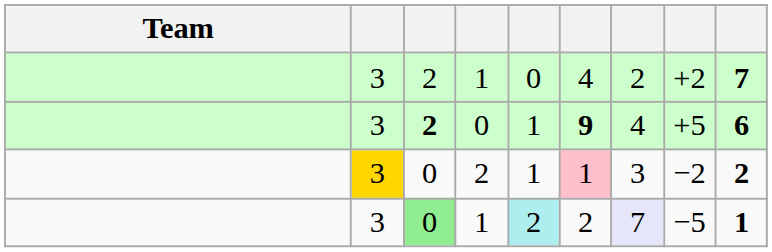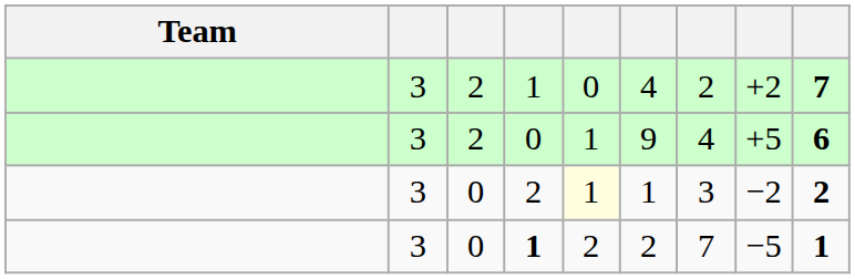 <table class="wikitable" style="text-align:center;">
 <tr>
 <th width="175">Team</th>
 <th width="20"></th>
 <th width="20"></th>
 <th width="20"></th>
 <th width="20"></th>
 <th width="20"></th>
 <th width="20"></th>
 <th width="20"></th>
 <th width="20"></th>
 </tr>
 <tr bgcolor="#ccffcc">
 <td align=left></td>
 <td>3</td>
 <td>2</td>
 <td>1</td>
 <td>0</td>
 <td>4</td>
 <td>2</td>
 <td>+2</td>
 <td><strong>7</strong></td>
 </tr>
 <tr bgcolor="#ccffcc">
 <td align=left></td>
 <td>3</td>
-<td><strong>2</strong></td>
+<td>2</td>
 <td>0</td>
 <td>1</td>
-<td><strong>9</strong></td>
+<td>9</td>
 <td>4</td>
 <td>+5</td>
 <td><strong>6</strong></td>
 </tr>
 <tr>
 <td align=left></td>
-<td style="background: gold;">3</td>
+<td>3</td>
 <td>0</td>
 <td>2</td>
+<td style="background: lightyellow;">1</td>
 <td>1</td>
-<td style="background: pink;">1</td>
 <td>3</td>
 <td>−2</td>
 <td><strong>2</strong></td>
 </tr>
 <tr>
 <td align=left></td>
 <td>3</td>
-<td style="background: lightgreen;">0</td>
-<td>1</td>
-<td style="background: paleturquoise;">2</td>
+<td>0</td>
+<td><strong>1</strong></td>
 <td>2</td>
-<td style="background: lavender;">7</td>
+<td>2</td>
+<td>7</td>
 <td>−5</td>
 <td><strong>1</strong></td>
 </tr>
 </table>
